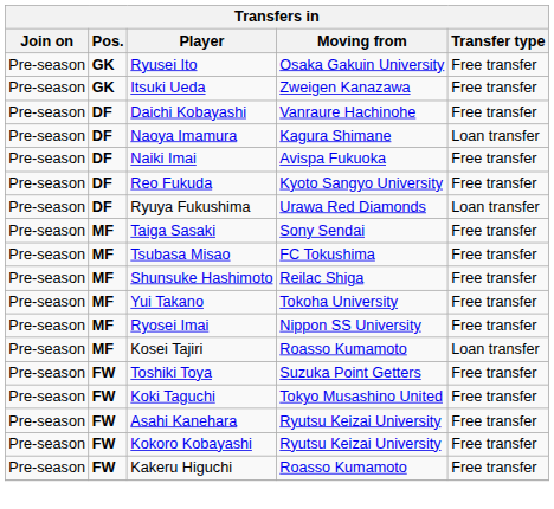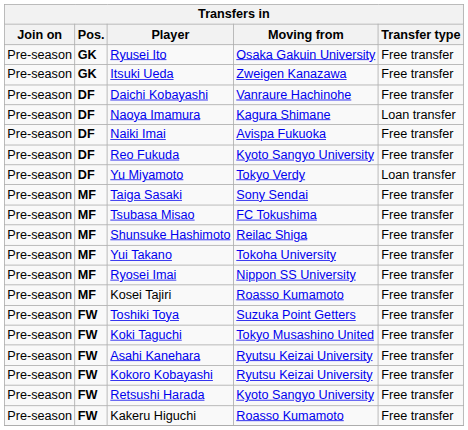 <table class="wikitable sortable" style=“text-align:left;>
 <tr>
 <th colspan="5">Transfers in</th>
 </tr>
 <tr>
 <th>Join on</th>
 <th>Pos.</th>
 <th>Player</th>
 <th>Moving from</th>
 <th>Transfer type</th>
 </tr>
 <tr>
 <td>Pre-season</td>
 <td><strong>GK</strong></td>
 <td> <a href='#'>Ryusei Ito</a></td>
 <td> <a href='#'>Osaka Gakuin University</a></td>
 <td>Free transfer</td>
 </tr>
 <tr>
 <td>Pre-season</td>
 <td><strong>GK</strong></td>
 <td> <a href='#'>Itsuki Ueda</a></td>
 <td> <a href='#'>Zweigen Kanazawa</a></td>
 <td>Free transfer</td>
 </tr>
 <tr>
 <td>Pre-season</td>
 <td><strong>DF</strong></td>
 <td> <a href='#'>Daichi Kobayashi</a></td>
 <td> <a href='#'>Vanraure Hachinohe</a></td>
 <td>Free transfer</td>
 </tr>
 <tr>
 <td>Pre-season</td>
 <td><strong>DF</strong></td>
 <td> <a href='#'>Naoya Imamura</a></td>
 <td> <a href='#'>Kagura Shimane</a></td>
 <td>Loan transfer</td>
 </tr>
 <tr>
 <td>Pre-season</td>
 <td><strong>DF</strong></td>
 <td> <a href='#'>Naiki Imai</a></td>
 <td> <a href='#'>Avispa Fukuoka</a></td>
 <td>Free transfer</td>
 </tr>
 <tr>
 <td>Pre-season</td>
 <td><strong>DF</strong></td>
 <td> <a href='#'>Reo Fukuda</a></td>
 <td> <a href='#'>Kyoto Sangyo University</a></td>
 <td>Free transfer</td>
 </tr>
 <tr>
 <td>Pre-season</td>
 <td><strong>DF</strong></td>
-<td> Ryuya Fukushima</td>
-<td> <a href='#'>Urawa Red Diamonds</a></td>
+<td> <a href='#'>Yu Miyamoto</a></td>
+<td> <a href='#'>Tokyo Verdy</a></td>
 <td>Loan transfer</td>
 </tr>
 <tr>
 <td>Pre-season</td>
 <td><strong>MF</strong></td>
 <td> <a href='#'>Taiga Sasaki</a></td>
 <td> <a href='#'>Sony Sendai</a></td>
 <td>Free transfer</td>
 </tr>
 <tr>
 <td>Pre-season</td>
 <td><strong>MF</strong></td>
 <td> <a href='#'>Tsubasa Misao</a></td>
 <td> <a href='#'>FC Tokushima</a></td>
 <td>Free transfer</td>
 </tr>
 <tr>
 <td>Pre-season</td>
 <td><strong>MF</strong></td>
 <td> <a href='#'>Shunsuke Hashimoto</a></td>
 <td> <a href='#'>Reilac Shiga</a></td>
 <td>Free transfer</td>
 </tr>
 <tr>
 <td>Pre-season</td>
 <td><strong>MF</strong></td>
 <td> <a href='#'>Yui Takano</a></td>
 <td> <a href='#'>Tokoha University</a></td>
 <td>Free transfer</td>
 </tr>
 <tr>
 <td>Pre-season</td>
 <td><strong>MF</strong></td>
 <td> <a href='#'>Ryosei Imai</a></td>
 <td> <a href='#'>Nippon SS University</a></td>
 <td>Free transfer</td>
 </tr>
 <tr>
 <td>Pre-season</td>
 <td><strong>MF</strong></td>
 <td> Kosei Tajiri</td>
 <td> <a href='#'>Roasso Kumamoto</a></td>
-<td>Loan transfer</td>
+<td>Free transfer</td>
 </tr>
 <tr>
 <td>Pre-season</td>
 <td><strong>FW</strong></td>
 <td> <a href='#'>Toshiki Toya</a></td>
 <td> <a href='#'>Suzuka Point Getters</a></td>
 <td>Free transfer</td>
 </tr>
 <tr>
 <td>Pre-season</td>
 <td><strong>FW</strong></td>
 <td> <a href='#'>Koki Taguchi</a></td>
 <td> <a href='#'>Tokyo Musashino United</a></td>
 <td>Free transfer</td>
 </tr>
 <tr>
 <td>Pre-season</td>
 <td><strong>FW</strong></td>
 <td> <a href='#'>Asahi Kanehara</a></td>
 <td> <a href='#'>Ryutsu Keizai University</a></td>
 <td>Free transfer</td>
 </tr>
 <tr>
 <td>Pre-season</td>
 <td><strong>FW</strong></td>
 <td> <a href='#'>Kokoro Kobayashi</a></td>
 <td> <a href='#'>Ryutsu Keizai University</a></td>
 <td>Free transfer</td>
 </tr>
 <tr>
 <td>Pre-season</td>
 <td><strong>FW</strong></td>
+<td> <a href='#'>Retsushi Harada</a></td>
+<td> <a href='#'>Kyoto Sangyo University</a></td>
+<td>Free transfer</td>
+</tr>
+<tr>
+<td>Pre-season</td>
+<td><strong>FW</strong></td>
 <td> Kakeru Higuchi</td>
 <td> <a href='#'>Roasso Kumamoto</a></td>
 <td>Free transfer</td>
 </tr>
 <tr>
 </tr>
 </table>
